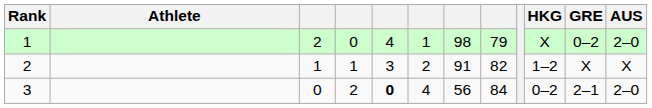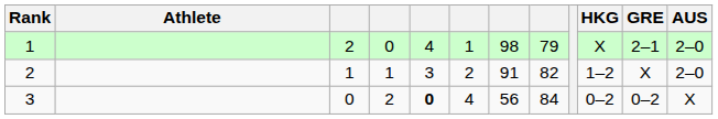 <table class="wikitable" style="text-align:center">
 <tr>
 <th>Rank</th>
 <th width=250>Athlete</th>
 <th width=30></th>
 <th width=30></th>
 <th width=30></th>
 <th width=30></th>
 <th width=30></th>
 <th width=30></th>
 <th rowspan=4></th>
 <th width=30>HKG</th>
 <th width=30>GRE</th>
 <th width=30>AUS</th>
 </tr>
 <tr style="background-color:#ccffcc;">
 <td>1</td>
 <td align=left></td>
 <td>2</td>
 <td>0</td>
 <td>4</td>
 <td>1</td>
 <td>98</td>
 <td>79</td>
 <td>X</td>
-<td>0–2</td>
+<td>2–1</td>
 <td>2–0</td>
 </tr>
 <tr>
 <td>2</td>
 <td align=left></td>
 <td>1</td>
 <td>1</td>
 <td>3</td>
 <td>2</td>
 <td>91</td>
 <td>82</td>
 <td>1–2</td>
 <td>X</td>
-<td>X</td>
+<td>2–0</td>
 </tr>
 <tr>
 <td>3</td>
 <td align=left></td>
 <td>0</td>
 <td>2</td>
 <td><strong>0</strong></td>
 <td>4</td>
 <td>56</td>
 <td>84</td>
 <td>0–2</td>
-<td>2–1</td>
-<td>2–0</td>
+<td>0–2</td>
+<td>X</td>
 </tr>
 </table>
